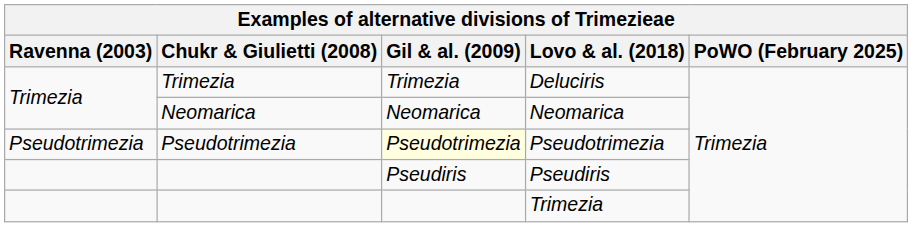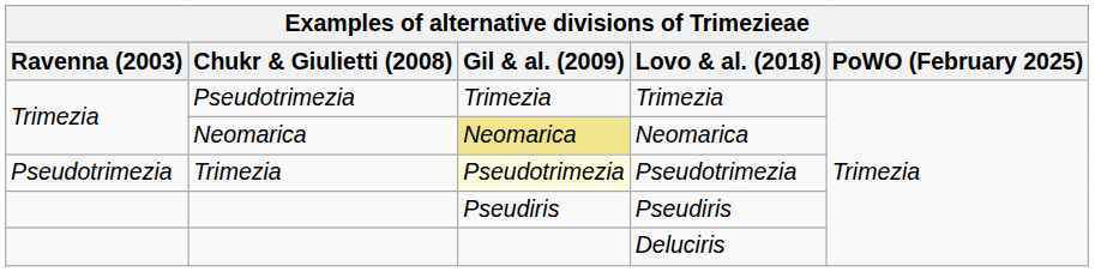 <table class="wikitable">
 <tr>
 <th colspan = 5>Examples of alternative divisions of Trimezieae</th>
 </tr>
 <tr>
 <th>Ravenna (2003)</th>
 <th>Chukr & Giulietti (2008)</th>
 <th>Gil & al. (2009)</th>
 <th>Lovo & al. (2018)</th>
 <th>PoWO (February 2025)</th>
 </tr>
 <tr>
 <td rowspan=2><em>Trimezia</em></td>
+<td><em>Pseudotrimezia</em></td>
 <td><em>Trimezia</em></td>
 <td><em>Trimezia</em></td>
-<td><em>Deluciris</em></td>
 <td rowspan=5><em>Trimezia</em></td>
 </tr>
 <tr>
 <td><em>Neomarica</em></td>
-<td><em>Neomarica</em></td>
+<td style="background: khaki;"><em>Neomarica</em></td>
 <td><em>Neomarica</em></td>
 </tr>
 <tr>
 <td><em>Pseudotrimezia</em></td>
-<td><em>Pseudotrimezia</em></td>
+<td><em>Trimezia</em></td>
 <td style="background: lightyellow;"><em>Pseudotrimezia</em></td>
 <td><em>Pseudotrimezia</em></td>
 </tr>
 <tr>
 <td> </td>
 <td> </td>
 <td><em>Pseudiris</em></td>
 <td><em>Pseudiris</em></td>
 </tr>
 <tr>
 <td> </td>
 <td> </td>
 <td> </td>
-<td><em>Trimezia</em></td>
+<td><em>Deluciris</em></td>
 </tr>
 </table>
